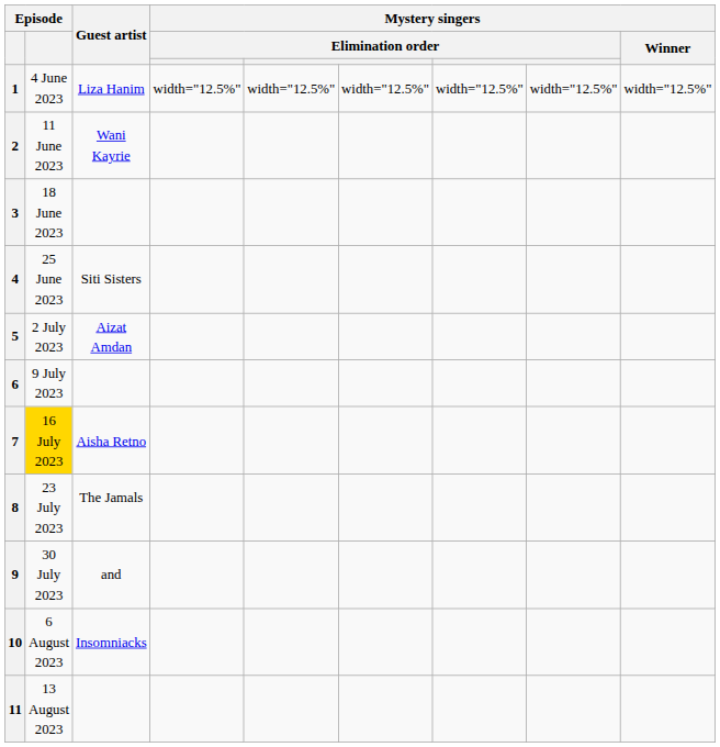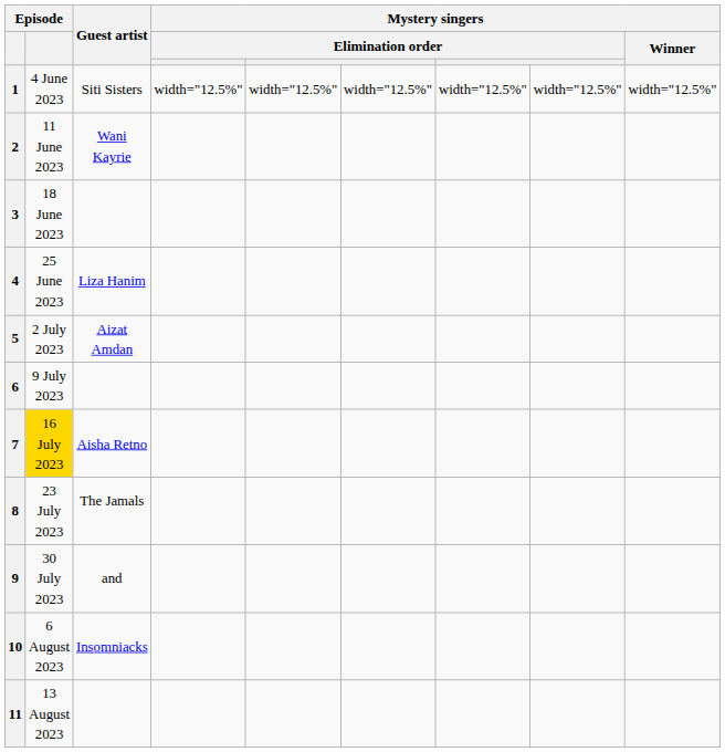 <table class="wikitable plainrowheaders mw-collapsible" style="text-align:center; line-height:23px; width:100%;">
 <tr>
 <th colspan="2" width="1%">Episode</th>
 <th rowspan="3" width="12.5%">Guest artist</th>
 <th colspan="6">Mystery singers<br></th>
 </tr>
 <tr>
 <th rowspan="2"></th>
 <th rowspan="2"></th>
 <th colspan="5">Elimination order</th>
 <th rowspan="2">Winner</th>
 </tr>
 <tr>
 <th></th>
 <th colspan="2"></th>
 <th colspan="2"></th>
 </tr>
 <tr>
 <th>1</th>
 <td>4 June 2023</td>
-<td><a href='#'>Liza Hanim</a></td>
+<td>Siti Sisters<br></td>
 <td>width="12.5%" </td>
 <td>width="12.5%" </td>
 <td>width="12.5%" </td>
 <td>width="12.5%" </td>
 <td>width="12.5%" </td>
 <td>width="12.5%" </td>
 </tr>
 <tr>
 <th>2</th>
 <td>11 June 2023</td>
 <td><a href='#'>Wani Kayrie</a><br></td>
 <td></td>
 <td></td>
 <td></td>
 <td></td>
 <td></td>
 <td></td>
 </tr>
 <tr>
 <th>3</th>
 <td>18 June 2023</td>
 <td><br></td>
 <td></td>
 <td></td>
 <td></td>
 <td></td>
 <td></td>
 <td></td>
 </tr>
 <tr>
 <th>4</th>
 <td>25 June 2023</td>
-<td>Siti Sisters<br></td>
+<td><a href='#'>Liza Hanim</a></td>
 <td></td>
 <td></td>
 <td></td>
 <td></td>
 <td></td>
 <td></td>
 </tr>
 <tr>
 <th>5</th>
 <td>2 July 2023</td>
 <td><a href='#'>Aizat Amdan</a><br></td>
 <td></td>
 <td></td>
 <td></td>
 <td></td>
 <td></td>
 <td></td>
 </tr>
 <tr>
 <th>6</th>
 <td>9 July 2023</td>
 <td><br></td>
 <td></td>
 <td></td>
 <td></td>
 <td></td>
 <td></td>
 <td></td>
 </tr>
 <tr>
 <th>7</th>
 <td style="background: gold;">16 July 2023</td>
 <td><a href='#'>Aisha Retno</a><br></td>
 <td></td>
 <td></td>
 <td></td>
 <td></td>
 <td></td>
 <td></td>
 </tr>
 <tr>
 <th>8</th>
 <td>23 July 2023</td>
 <td>The Jamals<br><br></td>
 <td></td>
 <td></td>
 <td></td>
 <td></td>
 <td></td>
 <td></td>
 </tr>
 <tr>
 <th>9</th>
 <td>30 July 2023</td>
 <td> and <br></td>
 <td></td>
 <td></td>
 <td></td>
 <td></td>
 <td></td>
 <td></td>
 </tr>
 <tr>
 <th>10</th>
 <td>6 August 2023</td>
 <td><a href='#'>Insomniacks</a><br></td>
 <td></td>
 <td></td>
 <td></td>
 <td></td>
 <td></td>
 <td></td>
 </tr>
 <tr>
 <th>11</th>
 <td>13 August 2023</td>
 <td><br></td>
 <td></td>
 <td></td>
 <td></td>
 <td></td>
 <td></td>
 <td></td>
 </tr>
 </table>
